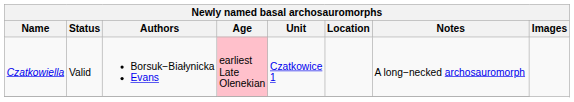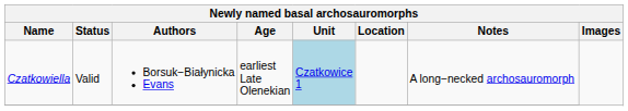 <table class="wikitable sortable" align="center" width="100%">
 <tr>
 <th colspan="8" align="center"><strong>Newly named basal archosauromorphs</strong></th>
 </tr>
 <tr>
 <th>Name</th>
 <th>Status</th>
 <th>Authors</th>
 <th>Age</th>
 <th>Unit</th>
 <th>Location</th>
 <th width="33%" class="unsortable">Notes</th>
 <th class="unsortable">Images</th>
 </tr>
 <tr>
 <td><br><em><a href='#'>Czatkowiella</a></em></td>
 <td><br>Valid</td>
 <td><br><ul><li>Borsuk−Białynicka</li><li><a href='#'>Evans</a></li></ul></td>
-<td style="background: pink;"><br>earliest Late Olenekian</td>
-<td><br><a href='#'>Czatkowice 1</a></td>
+<td><br>earliest Late Olenekian</td>
+<td style="background: lightblue;"><br><a href='#'>Czatkowice 1</a></td>
 <td><br></td>
 <td><br>A long−necked <a href='#'>archosauromorph</a></td>
 <td rowspan="99"></td>
 </tr>
 <tr>
 </tr>
 </table>
